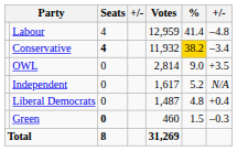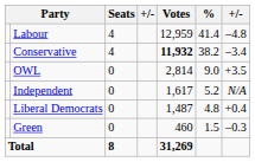 <table class="wikitable sortable">
 <tr>
 <th colspan="2">Party</th>
 <th>Seats</th>
 <th>+/-</th>
 <th>Votes</th>
 <th>%</th>
 <th>+/-</th>
 </tr>
 <tr>
 <td style="background-color: "></td>
 <td><a href='#'>Labour</a></td>
 <td>4</td>
 <td></td>
 <td style="text-align:right;">12,959</td>
 <td style="text-align:right;">41.4</td>
 <td style="text-align:right;">–4.8</td>
 </tr>
 <tr>
 <td style="background-color: "></td>
 <td><a href='#'>Conservative</a></td>
-<td><strong>4</strong></td>
+<td>4</td>
 <td></td>
-<td style="text-align:right;">11,932</td>
-<td style="background: gold; text-align:right;">38.2</td>
+<td style="text-align:right;"><strong>11,932</strong></td>
+<td style="text-align:right;">38.2</td>
 <td style="text-align:right;">–3.4</td>
 </tr>
 <tr>
 <td style="background-color: "></td>
 <td><a href='#'>OWL</a></td>
 <td>0</td>
 <td></td>
 <td style="text-align:right;">2,814</td>
 <td style="text-align:right;">9.0</td>
 <td style="text-align:right;">+3.5</td>
 </tr>
 <tr>
 <td style="background-color: "></td>
 <td><a href='#'>Independent</a></td>
 <td>0</td>
 <td></td>
 <td style="text-align:right;">1,617</td>
 <td style="text-align:right;">5.2</td>
 <td style="text-align:right;"><em>N/A</em></td>
 </tr>
 <tr>
 <td style="background-color: "></td>
 <td><a href='#'>Liberal Democrats</a></td>
 <td>0</td>
 <td></td>
 <td style="text-align:right;">1,487</td>
 <td style="text-align:right;">4.8</td>
 <td style="text-align:right;">+0.4</td>
 </tr>
 <tr>
 <td style="background-color: "></td>
 <td><a href='#'>Green</a></td>
-<td><strong>0</strong></td>
+<td>0</td>
 <td></td>
 <td style="text-align:right;">460</td>
 <td style="text-align:right;">1.5</td>
 <td style="text-align:right;">–0.3</td>
 </tr>
 <tr>
 <td colspan="2"><strong>Total</strong></td>
 <td><strong>8</strong></td>
 <td></td>
 <td style="text-align:right;"><strong>31,269</strong></td>
 <td style="text-align:right;"></td>
 <td style="text-align:right;"></td>
 </tr>
 </table>
